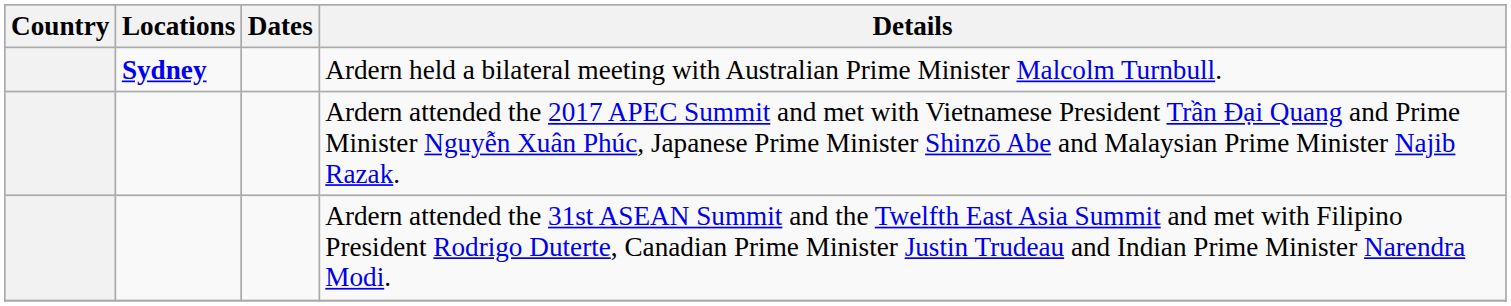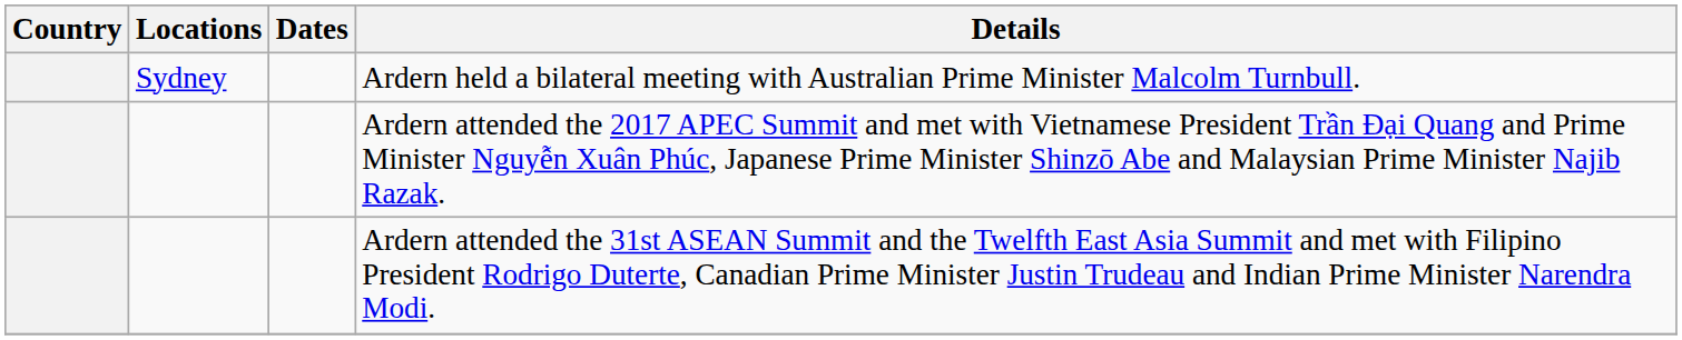 <table class="wikitable sortable" border="1" style="margin: 1em auto 1em auto">
 <tr>
 <th>Country</th>
 <th>Locations</th>
 <th>Dates</th>
 <th class="unsortable">Details</th>
 </tr>
 <tr>
 <th scope="row"></th>
-<td><strong><a href='#'>Sydney</a></strong></td>
+<td><a href='#'>Sydney</a></td>
 <td></td>
 <td>Ardern held a bilateral meeting with Australian Prime Minister <a href='#'>Malcolm Turnbull</a>.</td>
 </tr>
 <tr>
 <th scope="row"></th>
 <td></td>
 <td></td>
 <td>Ardern attended the <a href='#'>2017 APEC Summit</a> and met with Vietnamese President <a href='#'>Trần Đại Quang</a> and Prime Minister <a href='#'>Nguyễn Xuân Phúc</a>, Japanese Prime Minister <a href='#'>Shinzō Abe</a> and Malaysian Prime Minister <a href='#'>Najib Razak</a>.</td>
 </tr>
 <tr>
 <th scope="row"></th>
 <td></td>
 <td></td>
 <td>Ardern attended the <a href='#'>31st ASEAN Summit</a> and the <a href='#'>Twelfth East Asia Summit</a> and met with Filipino President <a href='#'>Rodrigo Duterte</a>, Canadian Prime Minister <a href='#'>Justin Trudeau</a> and Indian Prime Minister <a href='#'>Narendra Modi</a>.</td>
 </tr>
 <tr>
 </tr>
 </table>
